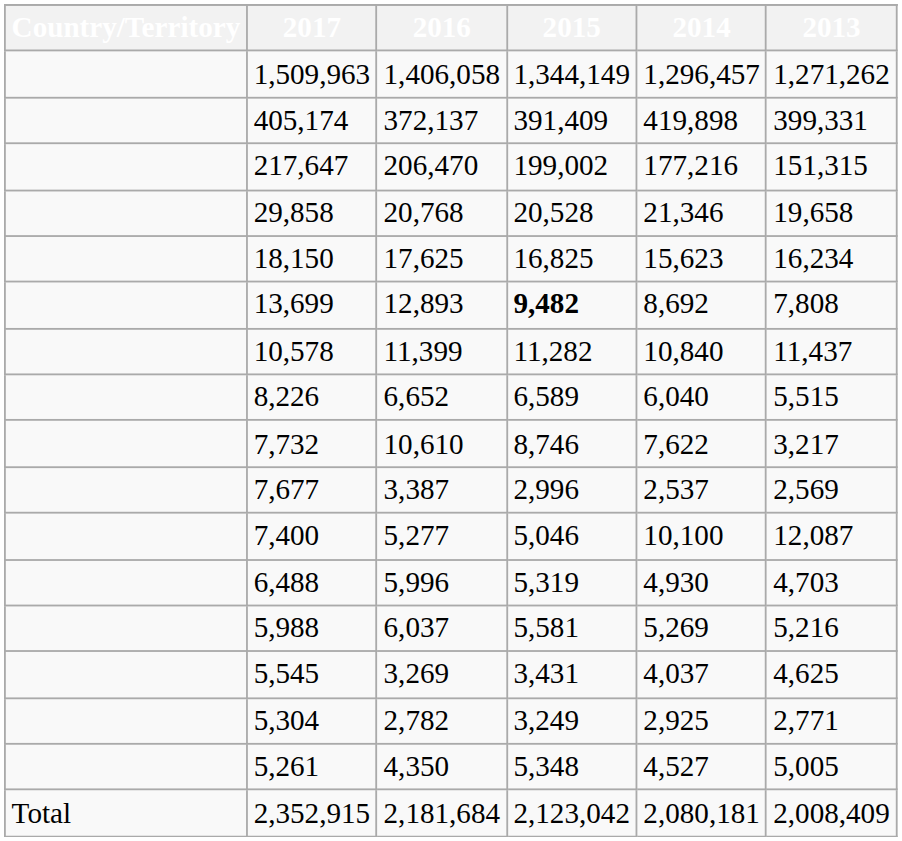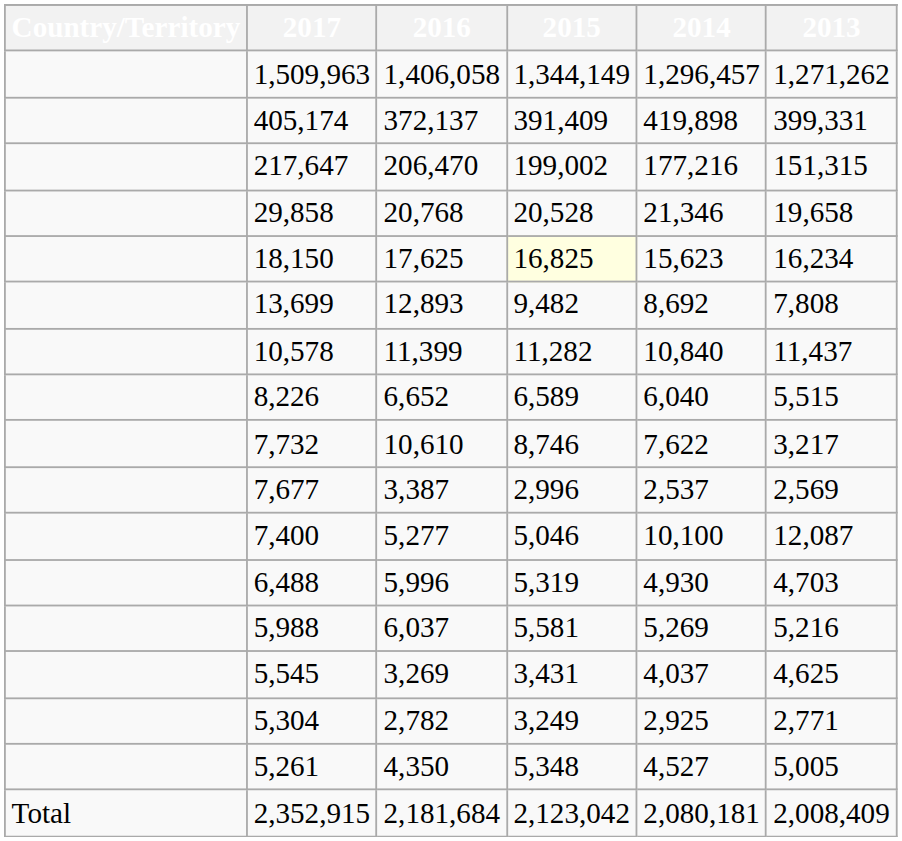 <table class="wikitable sortable collapsible collapsed">
 <tr>
 </tr>
 <tr style="color:white;">
 <th>Country/Territory</th>
 <th>2017</th>
 <th>2016</th>
 <th>2015</th>
 <th>2014</th>
 <th>2013</th>
 </tr>
 <tr>
 <td></td>
 <td>1,509,963</td>
 <td>1,406,058</td>
 <td>1,344,149</td>
 <td>1,296,457</td>
 <td>1,271,262</td>
 </tr>
 <tr>
 <td></td>
 <td>405,174</td>
 <td>372,137</td>
 <td>391,409</td>
 <td>419,898</td>
 <td>399,331</td>
 </tr>
 <tr>
 <td></td>
 <td>217,647</td>
 <td>206,470</td>
 <td>199,002</td>
 <td>177,216</td>
 <td>151,315</td>
 </tr>
 <tr>
 <td></td>
 <td>29,858</td>
 <td>20,768</td>
 <td>20,528</td>
 <td>21,346</td>
 <td>19,658</td>
 </tr>
 <tr>
 <td></td>
 <td>18,150</td>
 <td>17,625</td>
-<td>16,825</td>
+<td style="background: lightyellow;">16,825</td>
 <td>15,623</td>
 <td>16,234</td>
 </tr>
 <tr>
 <td></td>
 <td>13,699</td>
 <td>12,893</td>
-<td><strong>9,482</strong></td>
+<td>9,482</td>
 <td>8,692</td>
 <td>7,808</td>
 </tr>
 <tr>
 <td></td>
 <td>10,578</td>
 <td>11,399</td>
 <td>11,282</td>
 <td>10,840</td>
 <td>11,437</td>
 </tr>
 <tr>
 <td></td>
 <td>8,226</td>
 <td>6,652</td>
 <td>6,589</td>
 <td>6,040</td>
 <td>5,515</td>
 </tr>
 <tr>
 <td></td>
 <td>7,732</td>
 <td>10,610</td>
 <td>8,746</td>
 <td>7,622</td>
 <td>3,217</td>
 </tr>
 <tr>
 <td></td>
 <td>7,677</td>
 <td>3,387</td>
 <td>2,996</td>
 <td>2,537</td>
 <td>2,569</td>
 </tr>
 <tr>
 <td></td>
 <td>7,400</td>
 <td>5,277</td>
 <td>5,046</td>
 <td>10,100</td>
 <td>12,087</td>
 </tr>
 <tr>
 <td></td>
 <td>6,488</td>
 <td>5,996</td>
 <td>5,319</td>
 <td>4,930</td>
 <td>4,703</td>
 </tr>
 <tr>
 <td></td>
 <td>5,988</td>
 <td>6,037</td>
 <td>5,581</td>
 <td>5,269</td>
 <td>5,216</td>
 </tr>
 <tr>
 <td></td>
 <td>5,545</td>
 <td>3,269</td>
 <td>3,431</td>
 <td>4,037</td>
 <td>4,625</td>
 </tr>
 <tr>
 <td></td>
 <td>5,304</td>
 <td>2,782</td>
 <td>3,249</td>
 <td>2,925</td>
 <td>2,771</td>
 </tr>
 <tr>
 <td></td>
 <td>5,261</td>
 <td>4,350</td>
 <td>5,348</td>
 <td>4,527</td>
 <td>5,005</td>
 </tr>
 <tr>
 <td>Total</td>
 <td>2,352,915</td>
 <td>2,181,684</td>
 <td>2,123,042</td>
 <td>2,080,181</td>
 <td>2,008,409</td>
 </tr>
 </table>
